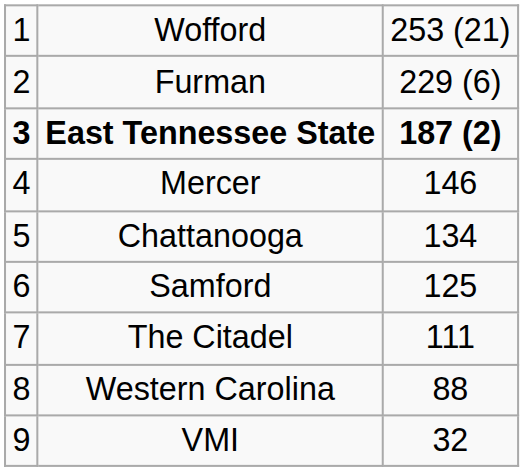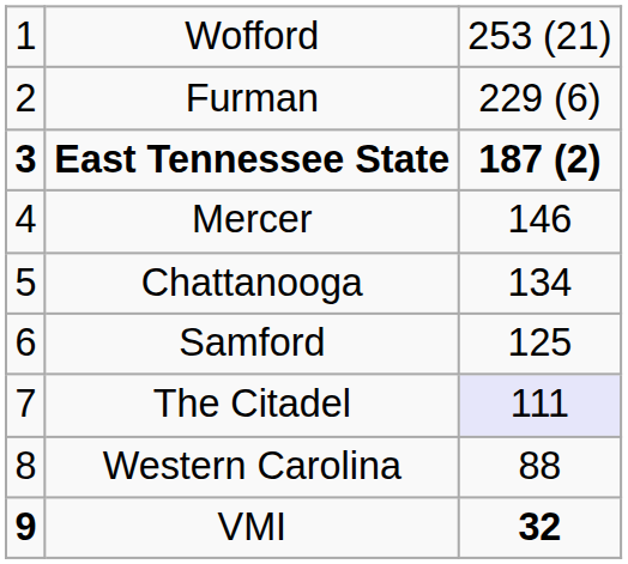 <table class="wikitable" style="display: inline-table;">
 <tr align="center">
 <td>1</td>
 <td>Wofford</td>
 <td>253 (21)</td>
 </tr>
 <tr align="center">
 <td>2</td>
 <td>Furman</td>
 <td>229 (6)</td>
 </tr>
 <tr align="center">
 <td><strong>3</strong></td>
 <td><strong>East Tennessee State</strong></td>
 <td><strong>187 (2)</strong></td>
 </tr>
 <tr align="center">
 <td>4</td>
 <td>Mercer</td>
 <td>146</td>
 </tr>
 <tr align="center">
 <td>5</td>
 <td>Chattanooga</td>
 <td>134</td>
 </tr>
 <tr align="center">
 <td>6</td>
 <td>Samford</td>
 <td>125</td>
 </tr>
 <tr align="center">
 <td>7</td>
 <td>The Citadel</td>
-<td>111</td>
+<td style="background: lavender;">111</td>
 </tr>
 <tr align="center">
 <td>8</td>
 <td>Western Carolina</td>
 <td>88</td>
 </tr>
 <tr align="center">
-<td>9</td>
+<td><strong>9</strong></td>
 <td>VMI</td>
-<td>32</td>
+<td><strong>32</strong></td>
 </tr>
 </table>
